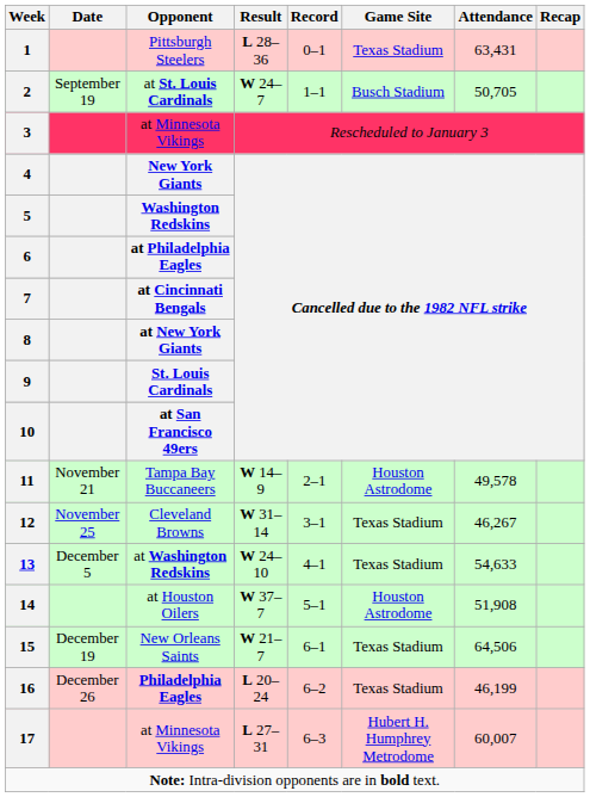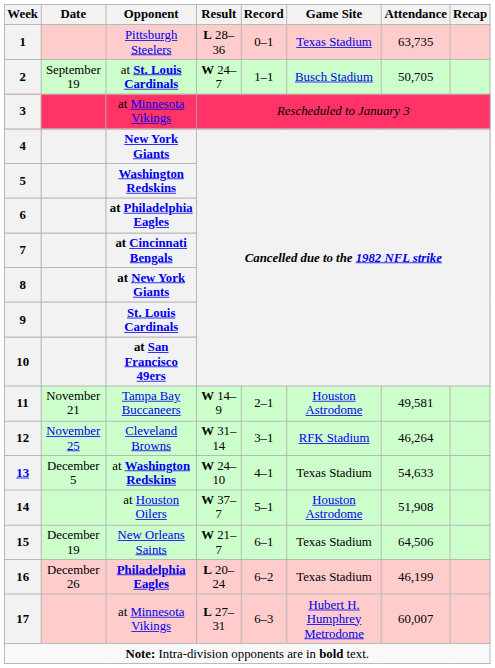 <table class="wikitable" style="text-align:center">
 <tr>
 <th>Week</th>
 <th>Date</th>
 <th>Opponent</th>
 <th>Result</th>
 <th>Record</th>
 <th>Game Site</th>
 <th>Attendance</th>
 <th>Recap</th>
 </tr>
 <tr style="background:#fcc">
 <th>1</th>
 <td></td>
 <td><a href='#'>Pittsburgh Steelers</a></td>
 <td><strong>L</strong> 28–36</td>
 <td>0–1</td>
 <td><a href='#'>Texas Stadium</a></td>
-<td>63,431</td>
+<td>63,735</td>
 <td></td>
 </tr>
 <tr style="background:#cfc">
 <th>2</th>
 <td>September 19</td>
 <td>at <strong><a href='#'>St. Louis Cardinals</a></strong></td>
 <td><strong>W</strong> 24–7</td>
 <td>1–1</td>
 <td><a href='#'>Busch Stadium</a></td>
 <td>50,705</td>
 <td></td>
 </tr>
 <tr style="background:#F36;">
 <th>3</th>
 <td></td>
 <td>at <a href='#'>Minnesota Vikings</a></td>
 <td colspan="6" align="center"><em>Rescheduled to January 3</em></td>
 </tr>
 <tr style="background:#bababa">
 <th>4</th>
 <th></th>
 <th><strong><a href='#'>New York Giants</a></strong></th>
 <th colspan="5" rowspan="7"><strong><em>Cancelled due to the <a href='#'>1982 NFL strike</a></em></strong></th>
 </tr>
 <tr style="background:#bababa">
 <th>5</th>
 <th></th>
 <th><strong><a href='#'>Washington Redskins</a></strong></th>
 </tr>
 <tr style="background:#bababa">
 <th>6</th>
 <th></th>
 <th>at <strong><a href='#'>Philadelphia Eagles</a></strong></th>
 </tr>
 <tr style="background:#bababa">
 <th>7</th>
 <th></th>
 <th>at <a href='#'>Cincinnati Bengals</a></th>
 </tr>
 <tr style="background:#bababa">
 <th>8</th>
 <th></th>
 <th>at <strong><a href='#'>New York Giants</a></strong></th>
 </tr>
 <tr style="background:#bababa">
 <th>9</th>
 <th></th>
 <th><strong><a href='#'>St. Louis Cardinals</a></strong></th>
 </tr>
 <tr style="background:#bababa">
 <th>10</th>
 <th></th>
 <th>at <a href='#'>San Francisco 49ers</a></th>
 </tr>
 <tr style="background:#cfc">
 <th>11</th>
 <td>November 21</td>
 <td><a href='#'>Tampa Bay Buccaneers</a></td>
 <td><strong>W</strong> 14–9</td>
 <td>2–1</td>
 <td><a href='#'>Houston Astrodome</a></td>
-<td>49,578</td>
+<td>49,581</td>
 <td></td>
 </tr>
 <tr style="background:#cfc">
 <th>12</th>
 <td><a href='#'>November 25</a></td>
 <td><a href='#'>Cleveland Browns</a></td>
 <td><strong>W</strong> 31–14</td>
 <td>3–1</td>
-<td>Texas Stadium</td>
-<td>46,267</td>
+<td><a href='#'>RFK Stadium</a></td>
+<td>46,264</td>
 <td></td>
 </tr>
 <tr style="background:#cfc">
 <th><a href='#'>13</a></th>
 <td>December 5</td>
 <td>at <strong><a href='#'>Washington Redskins</a></strong></td>
 <td><strong>W</strong> 24–10</td>
 <td>4–1</td>
 <td>Texas Stadium</td>
 <td>54,633</td>
 <td></td>
 </tr>
 <tr style="background: #cfc">
 <th>14</th>
 <td></td>
 <td>at <a href='#'>Houston Oilers</a></td>
 <td><strong>W</strong> 37–7</td>
 <td>5–1</td>
 <td><a href='#'>Houston Astrodome</a></td>
 <td>51,908</td>
 <td></td>
 </tr>
 <tr style="background: #cfc">
 <th>15</th>
 <td>December 19</td>
 <td><a href='#'>New Orleans Saints</a></td>
 <td><strong>W</strong> 21–7</td>
 <td>6–1</td>
 <td>Texas Stadium</td>
 <td>64,506</td>
 <td></td>
 </tr>
 <tr style="background: #fcc">
 <th>16</th>
 <td>December 26</td>
 <td><strong><a href='#'>Philadelphia Eagles</a></strong></td>
 <td><strong>L</strong> 20–24</td>
 <td>6–2</td>
 <td>Texas Stadium</td>
 <td>46,199</td>
 <td></td>
 </tr>
 <tr style="background: #fcc">
 <th>17</th>
 <td></td>
 <td>at <a href='#'>Minnesota Vikings</a></td>
 <td><strong>L</strong> 27–31</td>
 <td>6–3</td>
 <td><a href='#'>Hubert H. Humphrey Metrodome</a></td>
 <td>60,007</td>
 <td></td>
 </tr>
 <tr>
 <td colspan="8"><strong>Note:</strong> Intra-division opponents are in <strong>bold</strong> text.</td>
 </tr>
 </table>
